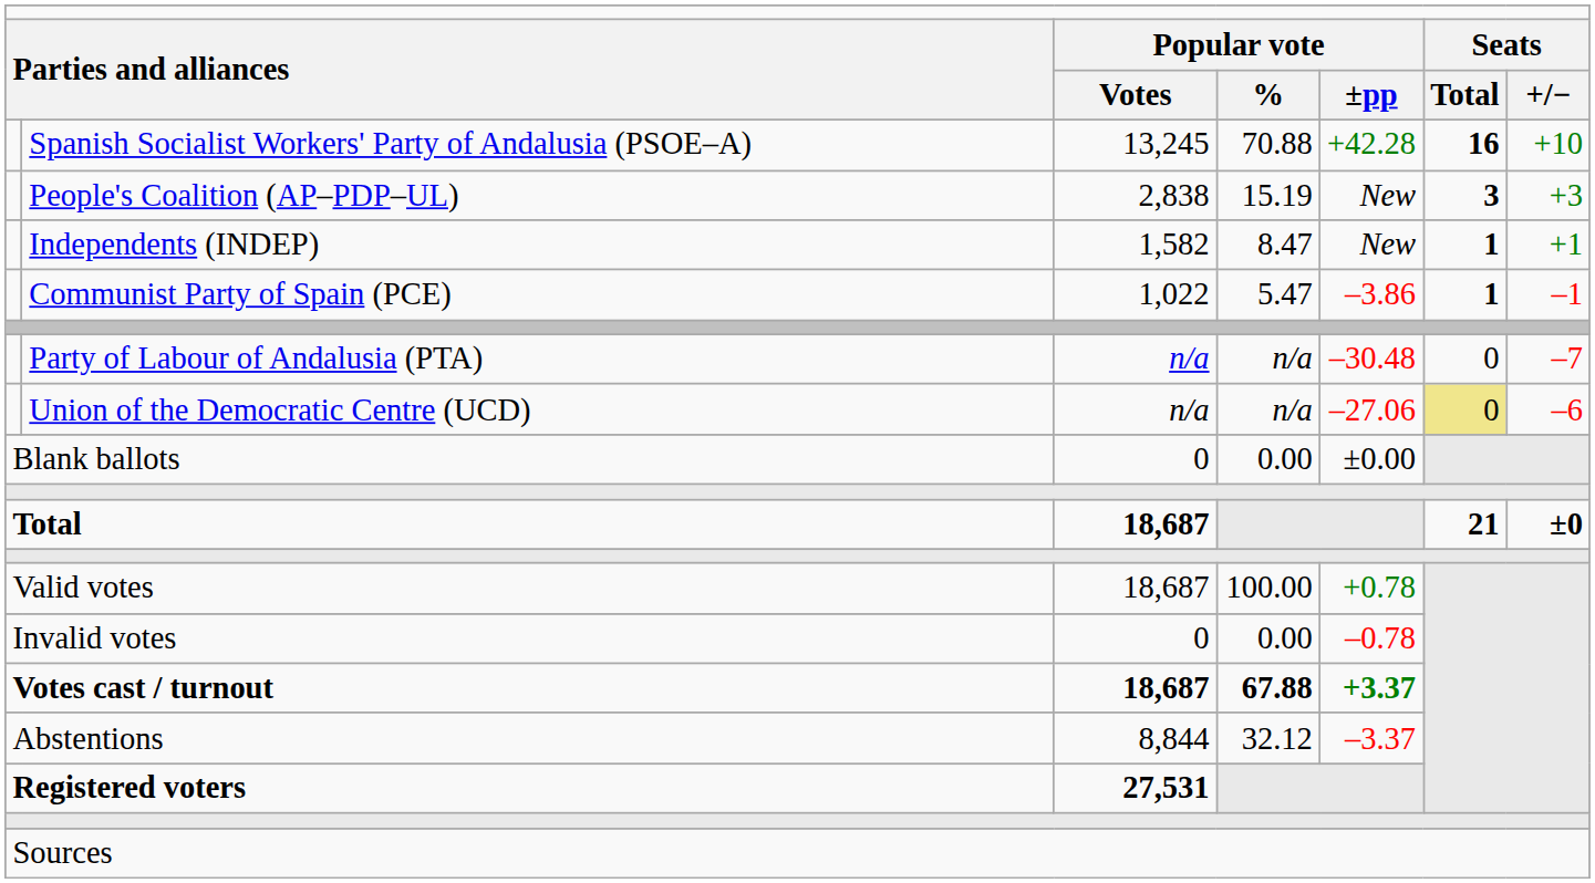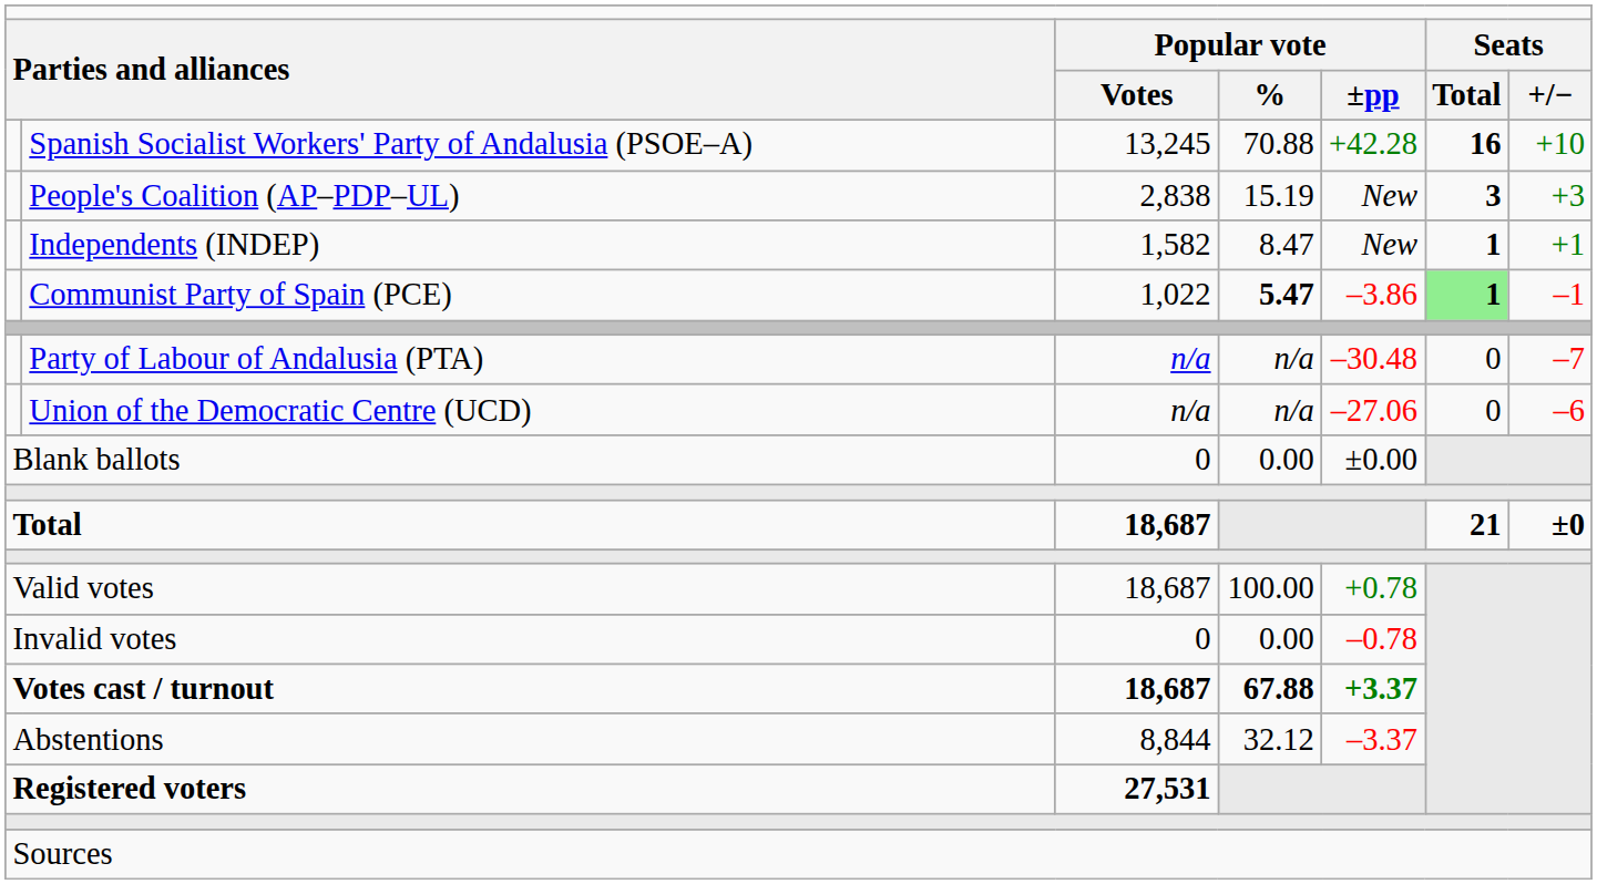 <table class="wikitable" style="text-align:right;">
 <tr>
 <td colspan="7"></td>
 </tr>
 <tr>
 <th style="text-align:left;" rowspan="2" colspan="2" width="525">Parties and alliances</th>
 <th colspan="3">Popular vote</th>
 <th colspan="2">Seats</th>
 </tr>
 <tr>
 <th width="75">Votes</th>
 <th width="45">%</th>
 <th width="45">±<a href='#'>pp</a></th>
 <th width="35">Total</th>
 <th width="35">+/−</th>
 </tr>
 <tr>
 <td width="1" style="color:inherit;background:"></td>
 <td align="left"><a href='#'>Spanish Socialist Workers' Party of Andalusia</a> (PSOE–A)</td>
 <td>13,245</td>
 <td>70.88</td>
 <td style="color:green;">+42.28</td>
 <td><strong>16</strong></td>
 <td style="color:green;">+10</td>
 </tr>
 <tr>
 <td style="color:inherit;background:"></td>
 <td align="left"><a href='#'>People's Coalition</a> (<a href='#'>AP</a>–<a href='#'>PDP</a>–<a href='#'>UL</a>)</td>
 <td>2,838</td>
 <td>15.19</td>
 <td><em>New</em></td>
 <td><strong>3</strong></td>
 <td style="color:green;">+3</td>
 </tr>
 <tr>
 <td style="color:inherit;background:"></td>
 <td align="left"><a href='#'>Independents</a> (INDEP)</td>
 <td>1,582</td>
 <td>8.47</td>
 <td><em>New</em></td>
 <td><strong>1</strong></td>
 <td style="color:green;">+1</td>
 </tr>
 <tr>
 <td style="color:inherit;background:"></td>
 <td align="left"><a href='#'>Communist Party of Spain</a> (PCE)</td>
 <td>1,022</td>
-<td>5.47</td>
+<td><strong>5.47</strong></td>
 <td style="color:red;">–3.86</td>
-<td><strong>1</strong></td>
+<td style="background: lightgreen;"><strong>1</strong></td>
 <td style="color:red;">–1</td>
 </tr>
 <tr>
 <td colspan="7" bgcolor="#C0C0C0"></td>
 </tr>
 <tr>
 <td style="color:inherit;background:"></td>
 <td align="left"><a href='#'>Party of Labour of Andalusia</a> (PTA)</td>
 <td><em><a href='#'>n/a</a></em></td>
 <td><em>n/a</em></td>
 <td style="color:red;">–30.48</td>
 <td>0</td>
 <td style="color:red;">–7</td>
 </tr>
 <tr>
 <td style="color:inherit;background:"></td>
 <td align="left"><a href='#'>Union of the Democratic Centre</a> (UCD)</td>
 <td><em>n/a</em></td>
 <td><em>n/a</em></td>
 <td style="color:red;">–27.06</td>
-<td style="background: khaki;">0</td>
+<td>0</td>
 <td style="color:red;">–6</td>
 </tr>
 <tr>
 <td align="left" colspan="2">Blank ballots</td>
 <td>0</td>
 <td>0.00</td>
 <td>±0.00</td>
 <td bgcolor="#E9E9E9" colspan="2"></td>
 </tr>
 <tr>
 <td colspan="7" bgcolor="#E9E9E9"></td>
 </tr>
 <tr style="font-weight:bold;">
 <td align="left" colspan="2">Total</td>
 <td>18,687</td>
 <td bgcolor="#E9E9E9" colspan="2"></td>
 <td>21</td>
 <td>±0</td>
 </tr>
 <tr>
 <td colspan="7" bgcolor="#E9E9E9"></td>
 </tr>
 <tr>
 <td align="left" colspan="2">Valid votes</td>
 <td>18,687</td>
 <td>100.00</td>
 <td style="color:green;">+0.78</td>
 <td bgcolor="#E9E9E9" colspan="2" rowspan="5"></td>
 </tr>
 <tr>
 <td align="left" colspan="2">Invalid votes</td>
 <td>0</td>
 <td>0.00</td>
 <td style="color:red;">–0.78</td>
 </tr>
 <tr style="font-weight:bold;">
 <td align="left" colspan="2">Votes cast / turnout</td>
 <td>18,687</td>
 <td>67.88</td>
 <td style="color:green;">+3.37</td>
 </tr>
 <tr>
 <td align="left" colspan="2">Abstentions</td>
 <td>8,844</td>
 <td>32.12</td>
 <td style="color:red;">–3.37</td>
 </tr>
 <tr style="font-weight:bold;">
 <td align="left" colspan="2">Registered voters</td>
 <td>27,531</td>
 <td bgcolor="#E9E9E9" colspan="2"></td>
 </tr>
 <tr>
 <td colspan="7" bgcolor="#E9E9E9"></td>
 </tr>
 <tr>
 <td align="left" colspan="7">Sources</td>
 </tr>
 </table>
